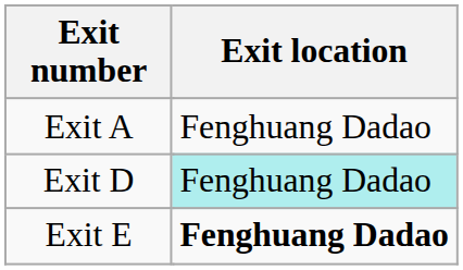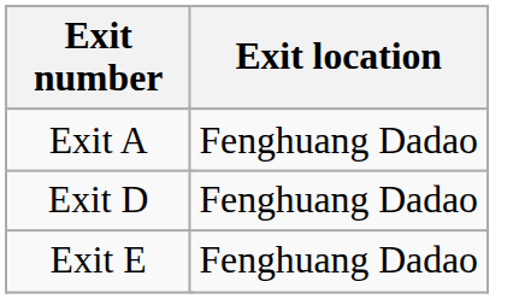 <table class="wikitable">
 <tr>
 <th colspan="2" style="width:70px">Exit number</th>
 <th>Exit location</th>
 </tr>
 <tr>
 <td colspan="2" align="center">Exit A</td>
 <td>Fenghuang Dadao</td>
 </tr>
 <tr>
 <td colspan="2" align="center">Exit D</td>
-<td style="background: paleturquoise;">Fenghuang Dadao</td>
+<td>Fenghuang Dadao</td>
 </tr>
 <tr>
 <td colspan="2" align="center">Exit E</td>
-<td><strong>Fenghuang Dadao</strong></td>
+<td>Fenghuang Dadao</td>
 </tr>
 </table>
